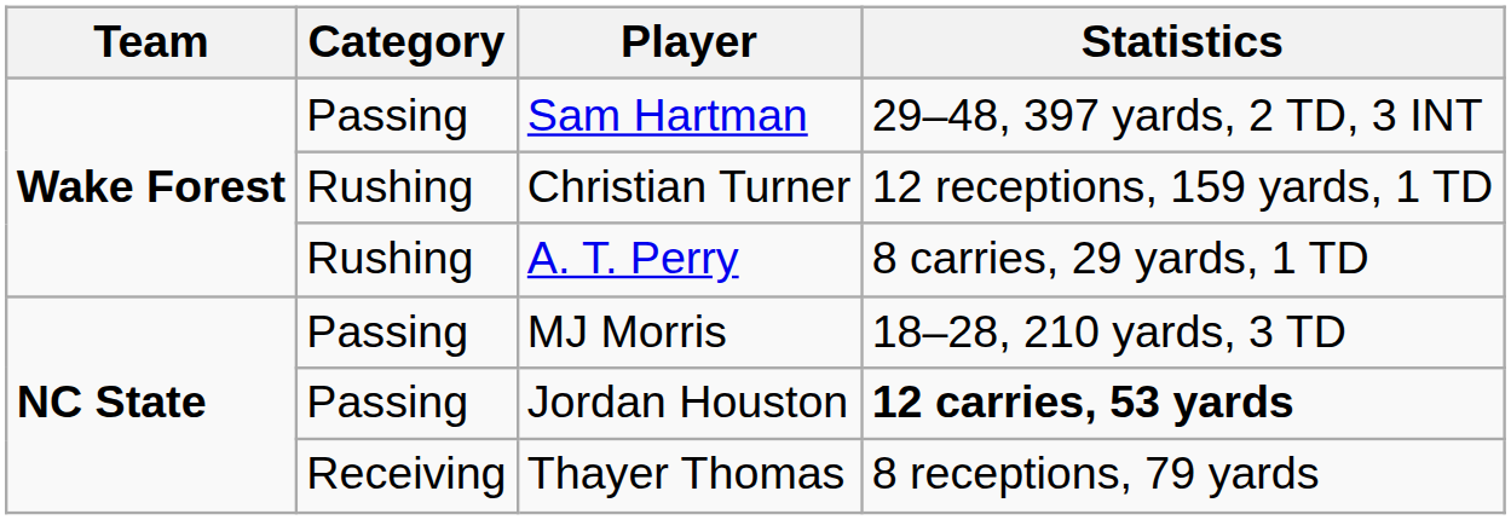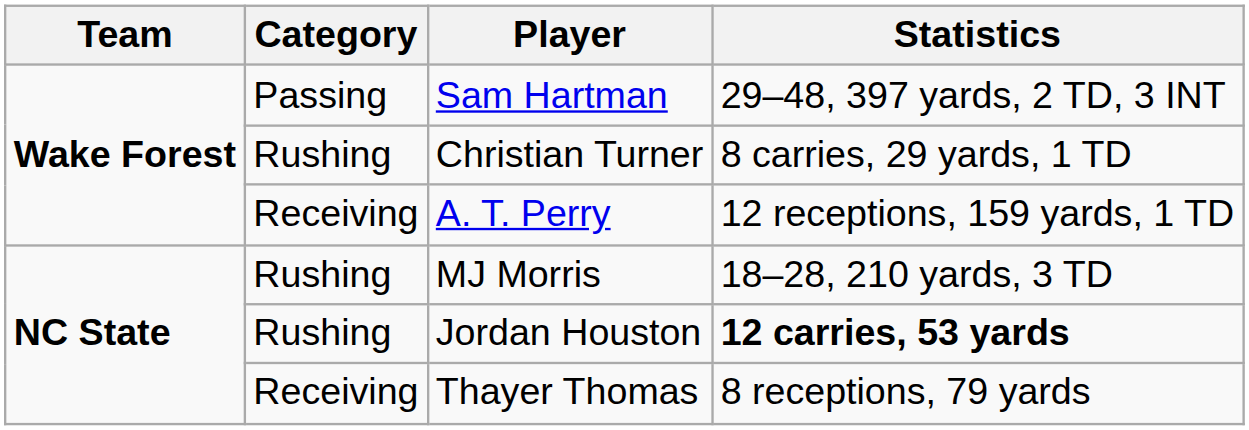 <table class="wikitable" style="float: left;">
 <tr>
 <th>Team</th>
 <th>Category</th>
 <th>Player</th>
 <th>Statistics</th>
 </tr>
 <tr>
 <td rowspan=3><strong>Wake Forest</strong></td>
 <td>Passing</td>
 <td><a href='#'>Sam Hartman</a></td>
 <td>29–48, 397 yards, 2 TD, 3 INT</td>
 </tr>
 <tr>
 <td>Rushing</td>
 <td>Christian Turner</td>
+<td>8 carries, 29 yards, 1 TD</td>
+</tr>
+<tr>
+<td>Receiving</td>
+<td><a href='#'>A. T. Perry</a></td>
 <td>12 receptions, 159 yards, 1 TD</td>
 </tr>
 <tr>
+<td rowspan=3><strong>NC State</strong></td>
 <td>Rushing</td>
-<td><a href='#'>A. T. Perry</a></td>
-<td>8 carries, 29 yards, 1 TD</td>
-</tr>
-<tr>
-<td rowspan=3><strong>NC State</strong></td>
-<td>Passing</td>
 <td>MJ Morris</td>
 <td>18–28, 210 yards, 3 TD</td>
 </tr>
 <tr>
-<td>Passing</td>
+<td>Rushing</td>
 <td>Jordan Houston</td>
 <td><strong>12 carries, 53 yards</strong></td>
 </tr>
 <tr>
 <td>Receiving</td>
 <td>Thayer Thomas</td>
 <td>8 receptions, 79 yards</td>
 </tr>
 </table>
